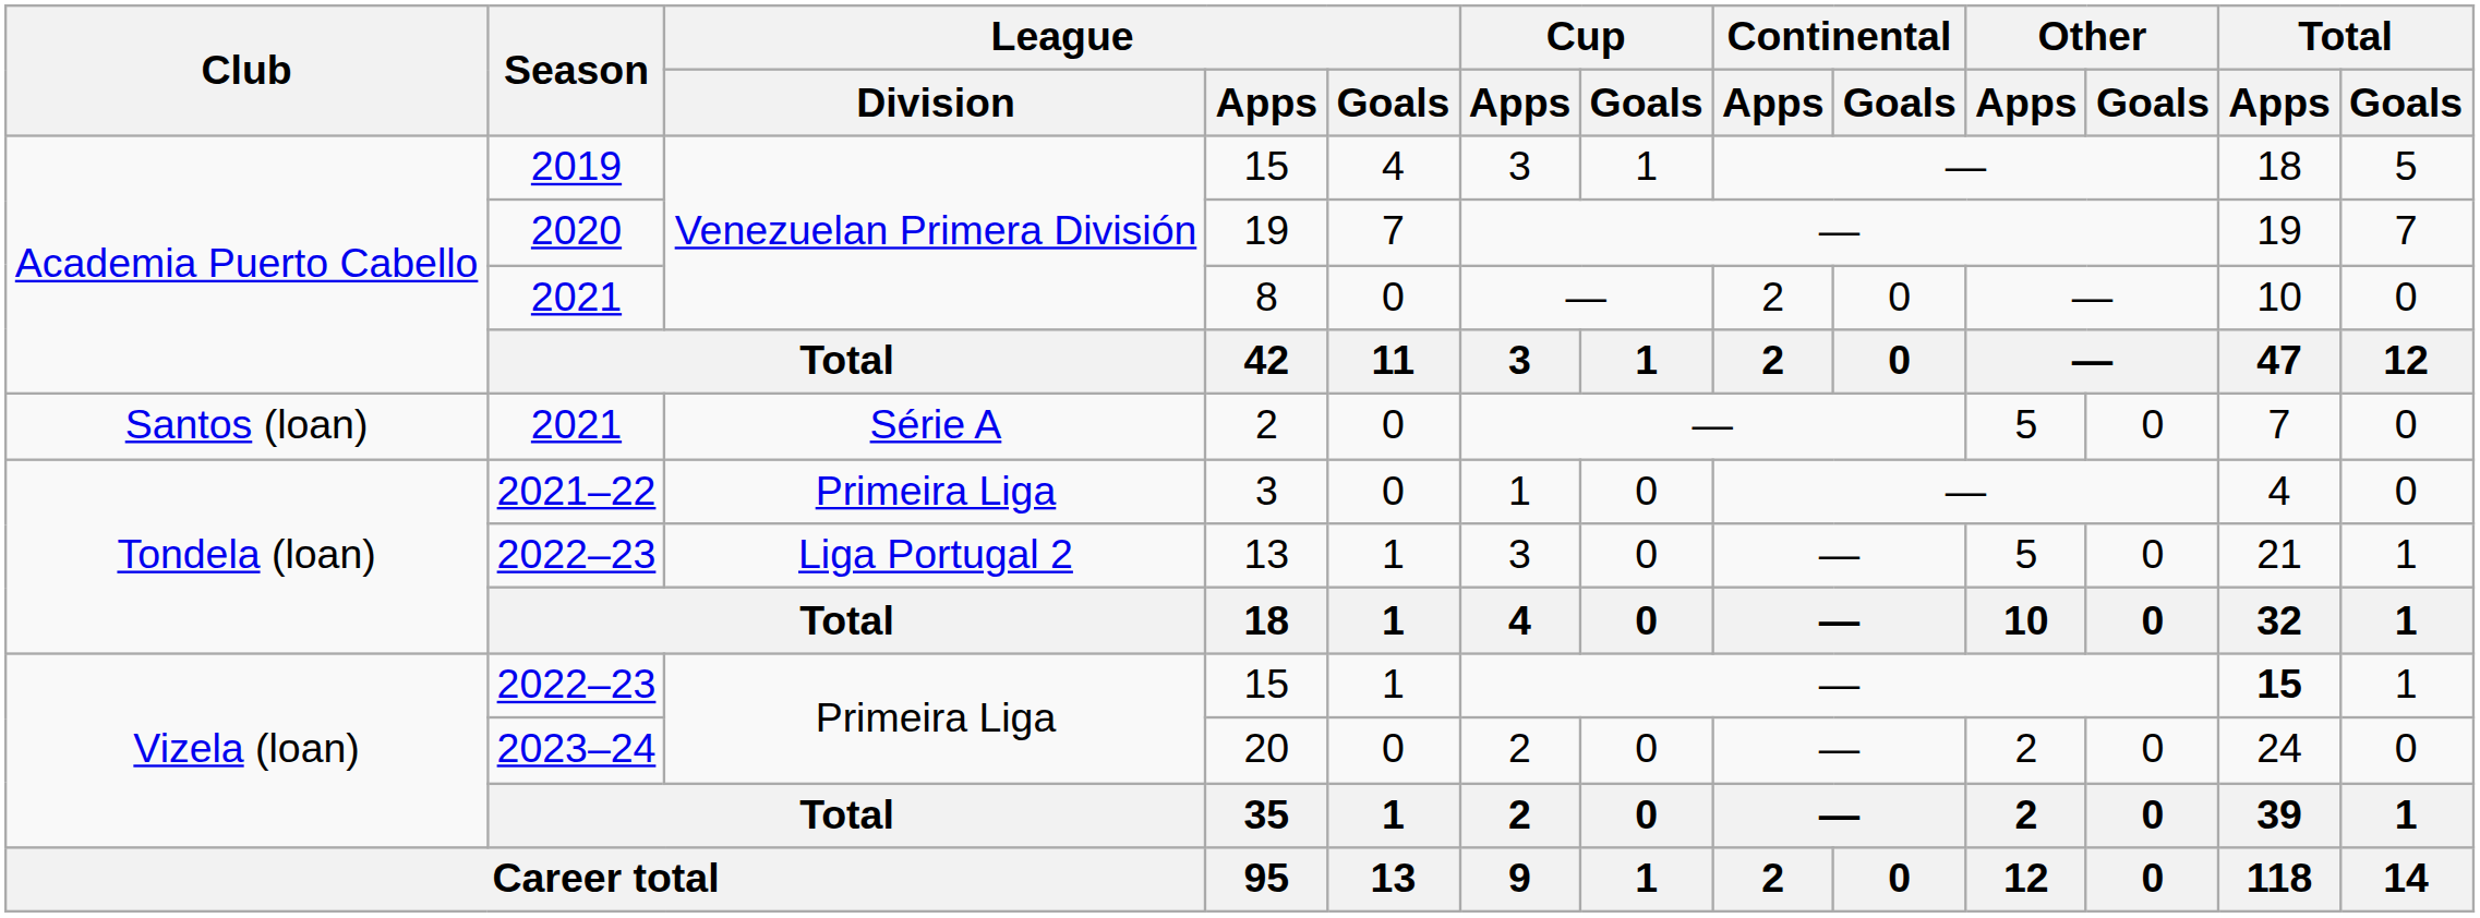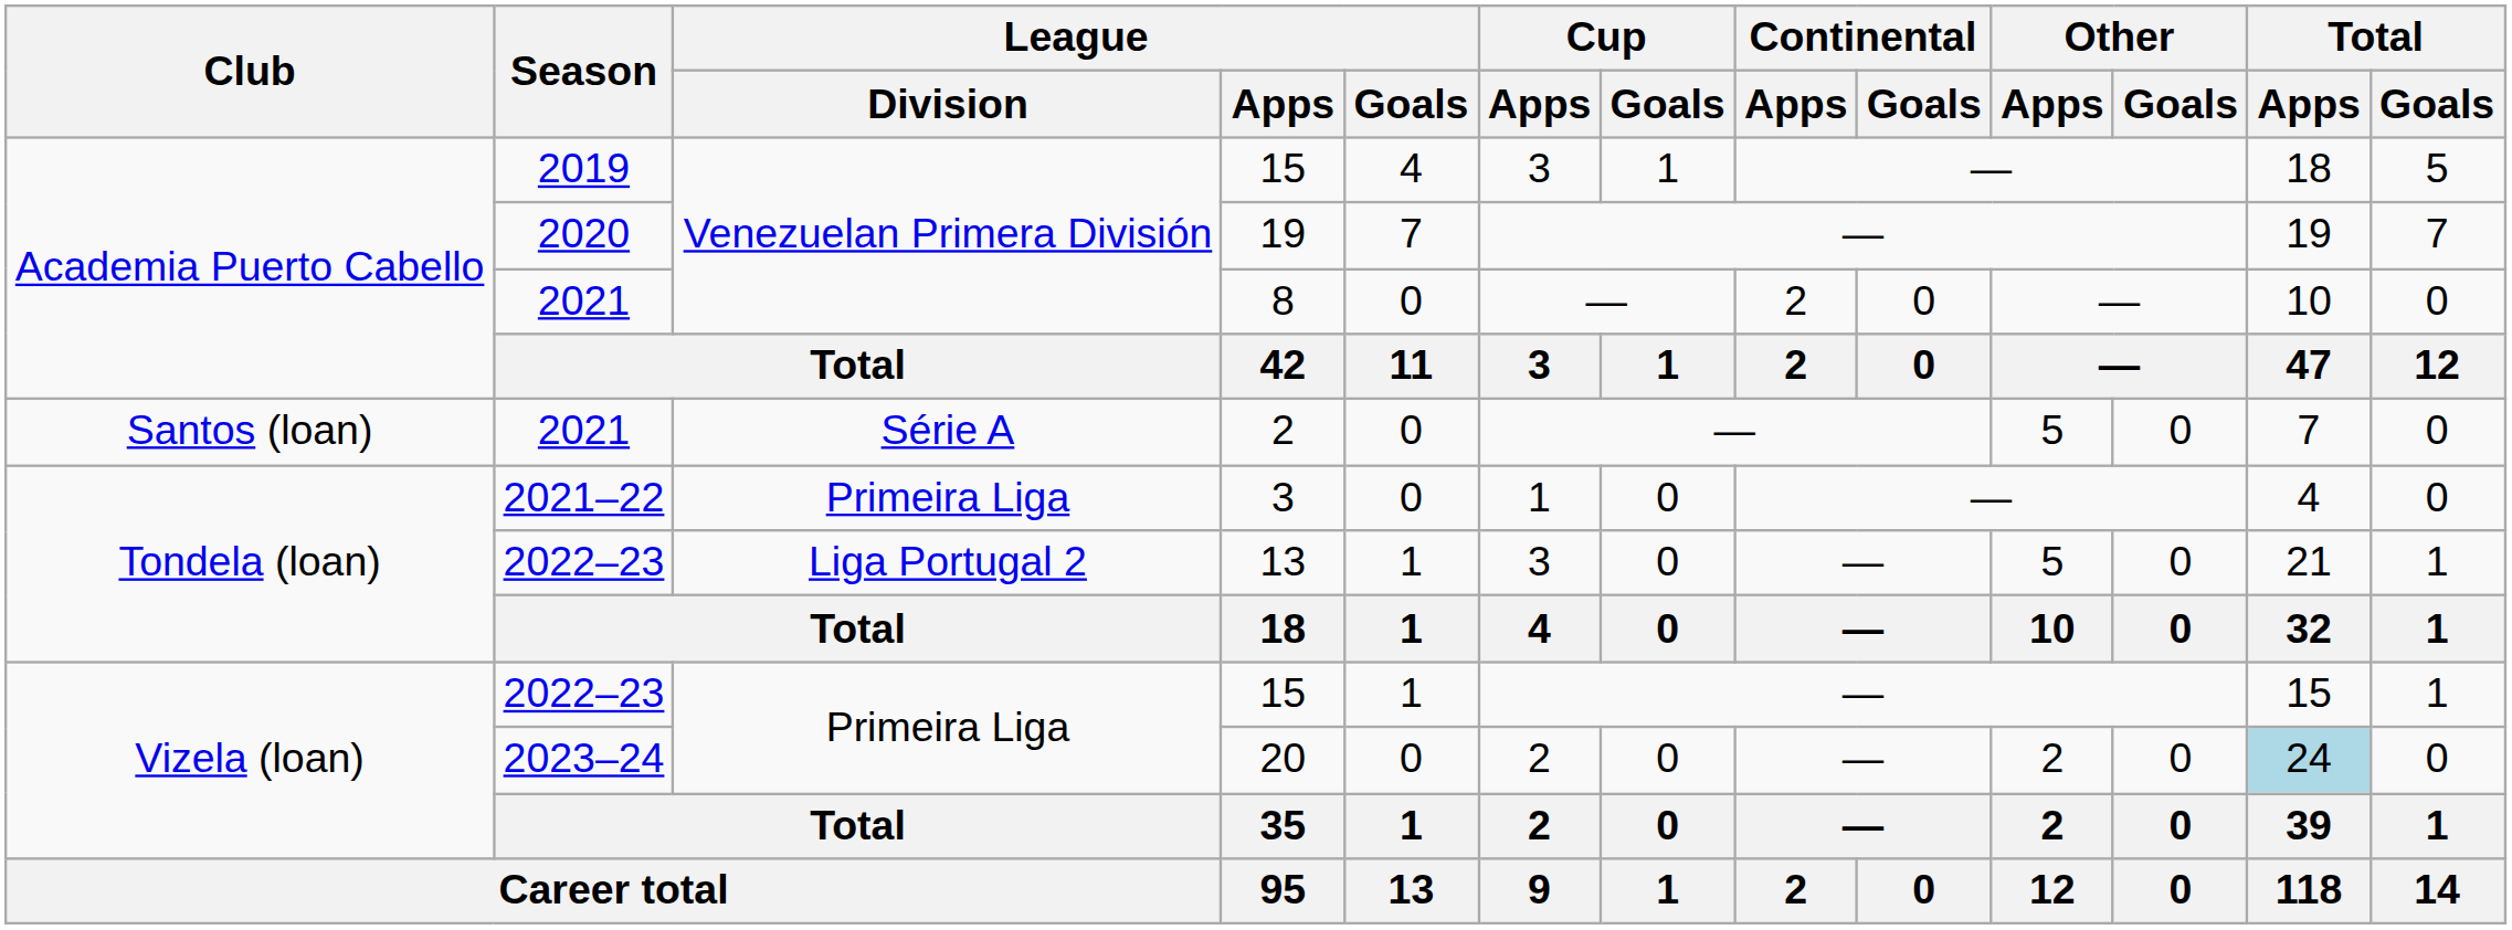 <table class="wikitable" style="text-align:center">
 <tr>
 <th rowspan="2">Club</th>
 <th rowspan="2">Season</th>
 <th colspan="3">League</th>
 <th colspan="2">Cup</th>
 <th colspan="2">Continental</th>
 <th colspan="2">Other</th>
 <th colspan="2">Total</th>
 </tr>
 <tr>
 <th>Division</th>
 <th>Apps</th>
 <th>Goals</th>
 <th>Apps</th>
 <th>Goals</th>
 <th>Apps</th>
 <th>Goals</th>
 <th>Apps</th>
 <th>Goals</th>
 <th>Apps</th>
 <th>Goals</th>
 </tr>
 <tr>
 <td rowspan="4"><a href='#'>Academia Puerto Cabello</a></td>
 <td><a href='#'>2019</a></td>
 <td rowspan="3"><a href='#'>Venezuelan Primera División</a></td>
 <td>15</td>
 <td>4</td>
 <td>3</td>
 <td>1</td>
 <td colspan="4">—</td>
 <td>18</td>
 <td>5</td>
 </tr>
 <tr>
 <td><a href='#'>2020</a></td>
 <td>19</td>
 <td>7</td>
 <td colspan="6">—</td>
 <td>19</td>
 <td>7</td>
 </tr>
 <tr>
 <td><a href='#'>2021</a></td>
 <td>8</td>
 <td>0</td>
 <td colspan="2">—</td>
 <td>2</td>
 <td>0</td>
 <td colspan="2">—</td>
 <td>10</td>
 <td>0</td>
 </tr>
 <tr>
 <th colspan="2">Total</th>
 <th>42</th>
 <th>11</th>
 <th>3</th>
 <th>1</th>
 <th>2</th>
 <th>0</th>
 <th colspan="2">—</th>
 <th>47</th>
 <th>12</th>
 </tr>
 <tr>
 <td><a href='#'>Santos</a> (loan)</td>
 <td><a href='#'>2021</a></td>
 <td><a href='#'>Série A</a></td>
 <td>2</td>
 <td>0</td>
 <td colspan="4">—</td>
 <td>5</td>
 <td>0</td>
 <td>7</td>
 <td>0</td>
 </tr>
 <tr>
 <td rowspan="3"><a href='#'>Tondela</a> (loan)</td>
 <td><a href='#'>2021–22</a></td>
 <td><a href='#'>Primeira Liga</a></td>
 <td>3</td>
 <td>0</td>
 <td>1</td>
 <td>0</td>
 <td colspan="4">—</td>
 <td>4</td>
 <td>0</td>
 </tr>
 <tr>
 <td><a href='#'>2022–23</a></td>
 <td><a href='#'>Liga Portugal 2</a></td>
 <td>13</td>
 <td>1</td>
 <td>3</td>
 <td>0</td>
 <td colspan="2">—</td>
 <td>5</td>
 <td>0</td>
 <td>21</td>
 <td>1</td>
 </tr>
 <tr>
 <th colspan="2">Total</th>
 <th>18</th>
 <th>1</th>
 <th>4</th>
 <th>0</th>
 <th colspan="2">—</th>
 <th>10</th>
 <th>0</th>
 <th>32</th>
 <th>1</th>
 </tr>
 <tr>
 <td rowspan="3"><a href='#'>Vizela</a> (loan)</td>
 <td><a href='#'>2022–23</a></td>
 <td rowspan="2">Primeira Liga</td>
 <td>15</td>
 <td>1</td>
 <td colspan="6">—</td>
-<td><strong>15</strong></td>
+<td>15</td>
 <td>1</td>
 </tr>
 <tr>
 <td><a href='#'>2023–24</a></td>
 <td>20</td>
 <td>0</td>
 <td>2</td>
 <td>0</td>
 <td colspan="2">—</td>
 <td>2</td>
 <td>0</td>
-<td>24</td>
+<td style="background: lightblue;">24</td>
 <td>0</td>
 </tr>
 <tr>
 <th colspan="2">Total</th>
 <th>35</th>
 <th>1</th>
 <th>2</th>
 <th>0</th>
 <th colspan="2">—</th>
 <th>2</th>
 <th>0</th>
 <th>39</th>
 <th>1</th>
 </tr>
 <tr>
 <th colspan="3">Career total</th>
 <th>95</th>
 <th>13</th>
 <th>9</th>
 <th>1</th>
 <th>2</th>
 <th>0</th>
 <th>12</th>
 <th>0</th>
 <th>118</th>
 <th>14</th>
 </tr>
 </table>
